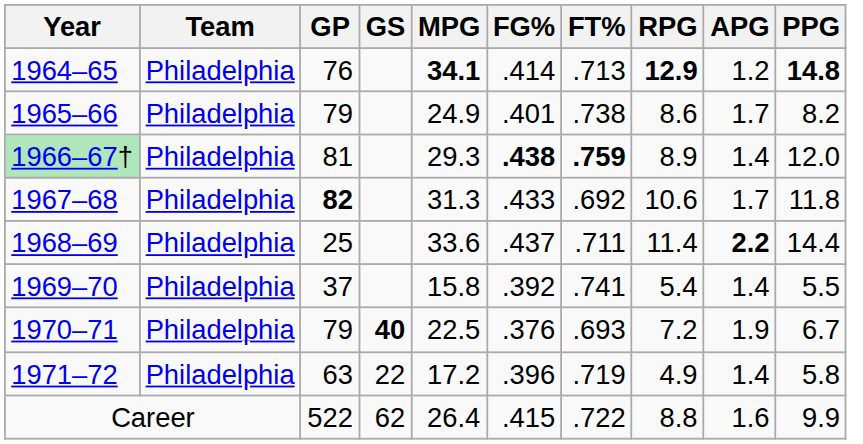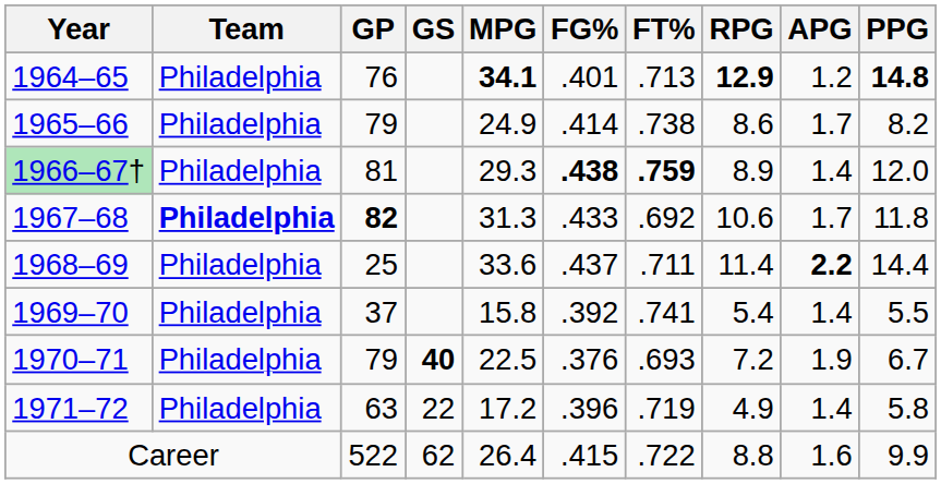 <table class="wikitable sortable" style="font-size:95%; text-align:right;">
 <tr>
 <th>Year</th>
 <th>Team</th>
 <th>GP</th>
 <th>GS</th>
 <th>MPG</th>
 <th>FG%</th>
 <th>FT%</th>
 <th>RPG</th>
 <th>APG</th>
 <th>PPG</th>
 </tr>
 <tr>
 <td style="text-align:left;"><a href='#'>1964–65</a></td>
 <td style="text-align:left;"><a href='#'>Philadelphia</a></td>
 <td>76</td>
 <td></td>
 <td><strong>34.1</strong></td>
-<td>.414</td>
+<td>.401</td>
 <td>.713</td>
 <td><strong>12.9</strong></td>
 <td>1.2</td>
 <td><strong>14.8</strong></td>
 </tr>
 <tr>
 <td style="text-align:left;"><a href='#'>1965–66</a></td>
 <td style="text-align:left;"><a href='#'>Philadelphia</a></td>
 <td>79</td>
 <td></td>
 <td>24.9</td>
-<td>.401</td>
+<td>.414</td>
 <td>.738</td>
 <td>8.6</td>
 <td>1.7</td>
 <td>8.2</td>
 </tr>
 <tr>
 <td style="text-align:left;background:#afe6ba;"><a href='#'>1966–67</a>†</td>
 <td style="text-align:left;"><a href='#'>Philadelphia</a></td>
 <td>81</td>
 <td></td>
 <td>29.3</td>
 <td><strong>.438</strong></td>
 <td><strong>.759</strong></td>
 <td>8.9</td>
 <td>1.4</td>
 <td>12.0</td>
 </tr>
 <tr>
 <td style="text-align:left;"><a href='#'>1967–68</a></td>
-<td style="text-align:left;"><a href='#'>Philadelphia</a></td>
+<td style="text-align:left;"><strong><a href='#'>Philadelphia</a></strong></td>
 <td><strong>82</strong></td>
 <td></td>
 <td>31.3</td>
 <td>.433</td>
 <td>.692</td>
 <td>10.6</td>
 <td>1.7</td>
 <td>11.8</td>
 </tr>
 <tr>
 <td style="text-align:left;"><a href='#'>1968–69</a></td>
 <td style="text-align:left;"><a href='#'>Philadelphia</a></td>
 <td>25</td>
 <td></td>
 <td>33.6</td>
 <td>.437</td>
 <td>.711</td>
 <td>11.4</td>
 <td><strong>2.2</strong></td>
 <td>14.4</td>
 </tr>
 <tr>
 <td style="text-align:left;"><a href='#'>1969–70</a></td>
 <td style="text-align:left;"><a href='#'>Philadelphia</a></td>
 <td>37</td>
 <td></td>
 <td>15.8</td>
 <td>.392</td>
 <td>.741</td>
 <td>5.4</td>
 <td>1.4</td>
 <td>5.5</td>
 </tr>
 <tr>
 <td style="text-align:left;"><a href='#'>1970–71</a></td>
 <td style="text-align:left;"><a href='#'>Philadelphia</a></td>
 <td>79</td>
 <td><strong>40</strong></td>
 <td>22.5</td>
 <td>.376</td>
 <td>.693</td>
 <td>7.2</td>
 <td>1.9</td>
 <td>6.7</td>
 </tr>
 <tr>
 <td style="text-align:left;"><a href='#'>1971–72</a></td>
 <td style="text-align:left;"><a href='#'>Philadelphia</a></td>
 <td>63</td>
 <td>22</td>
 <td>17.2</td>
 <td>.396</td>
 <td>.719</td>
 <td>4.9</td>
 <td>1.4</td>
 <td>5.8</td>
 </tr>
 <tr class="sortbottom">
 <td colspan="2" style="text-align:center;">Career</td>
 <td>522</td>
 <td>62</td>
 <td>26.4</td>
 <td>.415</td>
 <td>.722</td>
 <td>8.8</td>
 <td>1.6</td>
 <td>9.9</td>
 </tr>
 </table>
